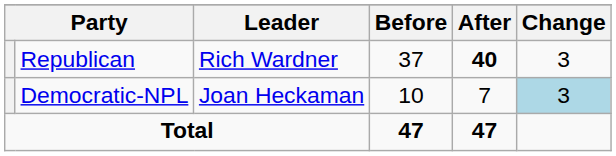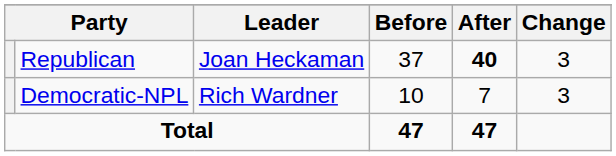 <table class="wikitable" style="text-align:center;">
 <tr>
 </tr>
 <tr>
 <th colspan=2>Party</th>
 <th>Leader</th>
 <th>Before</th>
 <th>After</th>
 <th>Change</th>
 </tr>
 <tr>
 <th style="background-color:"></th>
 <td style="text-align:left;"><a href='#'>Republican</a></td>
-<td style="text-align:left;"><a href='#'>Rich Wardner</a></td>
+<td style="text-align:left;"><a href='#'>Joan Heckaman</a></td>
 <td>37</td>
 <td><strong>40</strong></td>
 <td> 3</td>
 </tr>
 <tr>
 <th style="background-color:"></th>
 <td style="text-align:left;"><a href='#'>Democratic-NPL</a></td>
-<td style="text-align:left;"><a href='#'>Joan Heckaman</a></td>
+<td style="text-align:left;"><a href='#'>Rich Wardner</a></td>
 <td>10</td>
 <td>7</td>
-<td style="background: lightblue;"> 3</td>
+<td> 3</td>
 </tr>
 <tr>
 <td colspan=3><strong>Total</strong></td>
 <td><strong>47</strong></td>
 <td><strong>47</strong></td>
 <td></td>
 </tr>
 </table>
